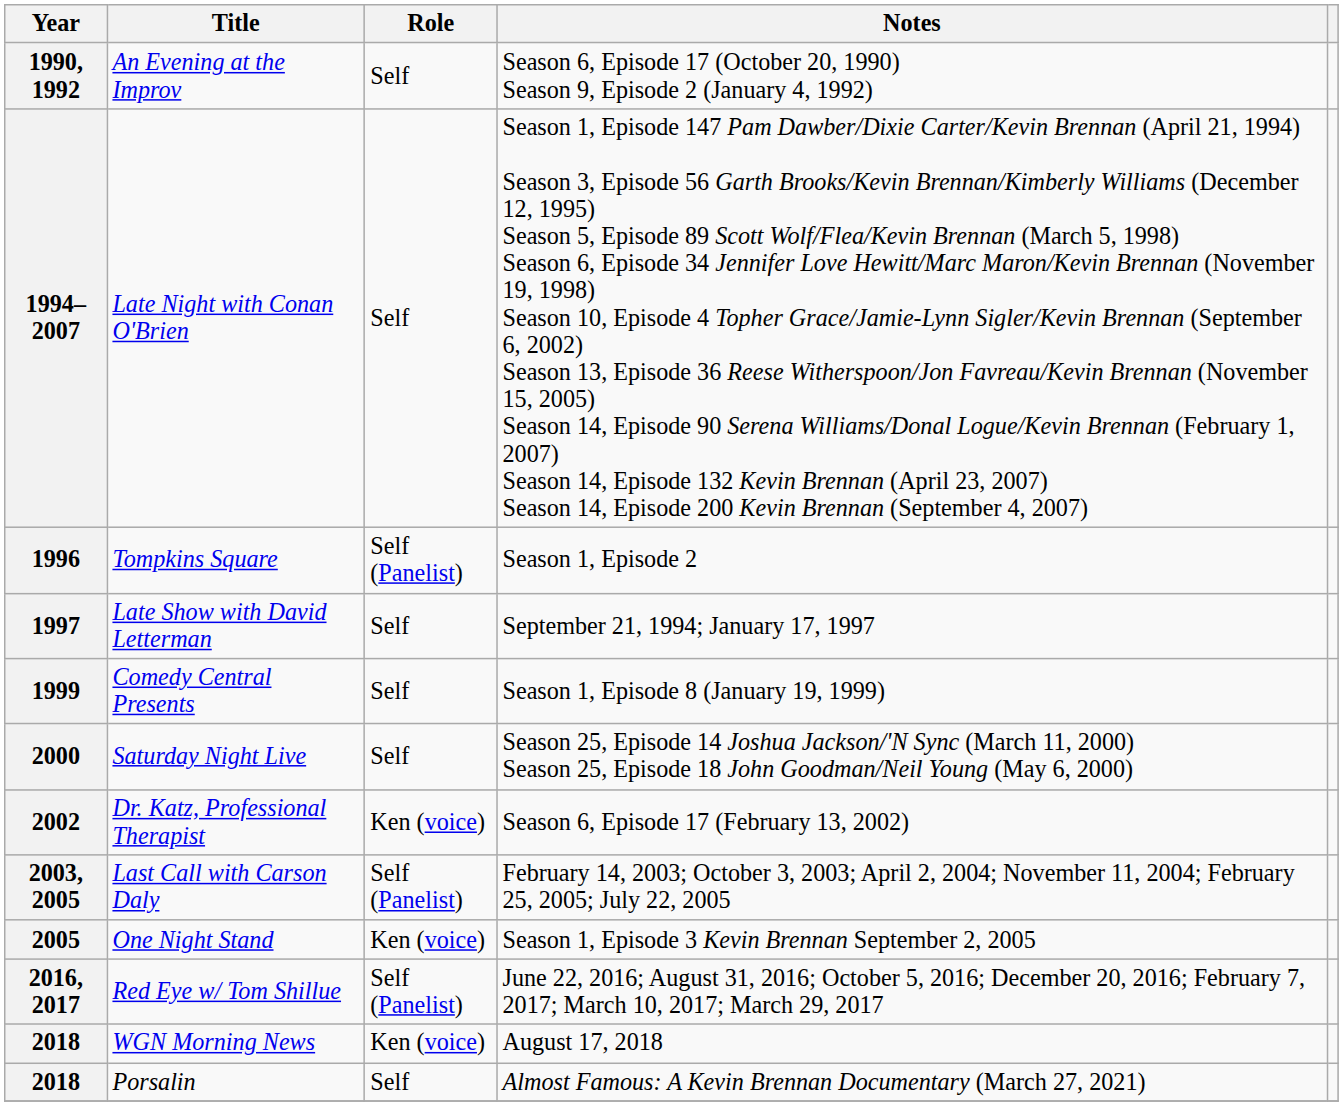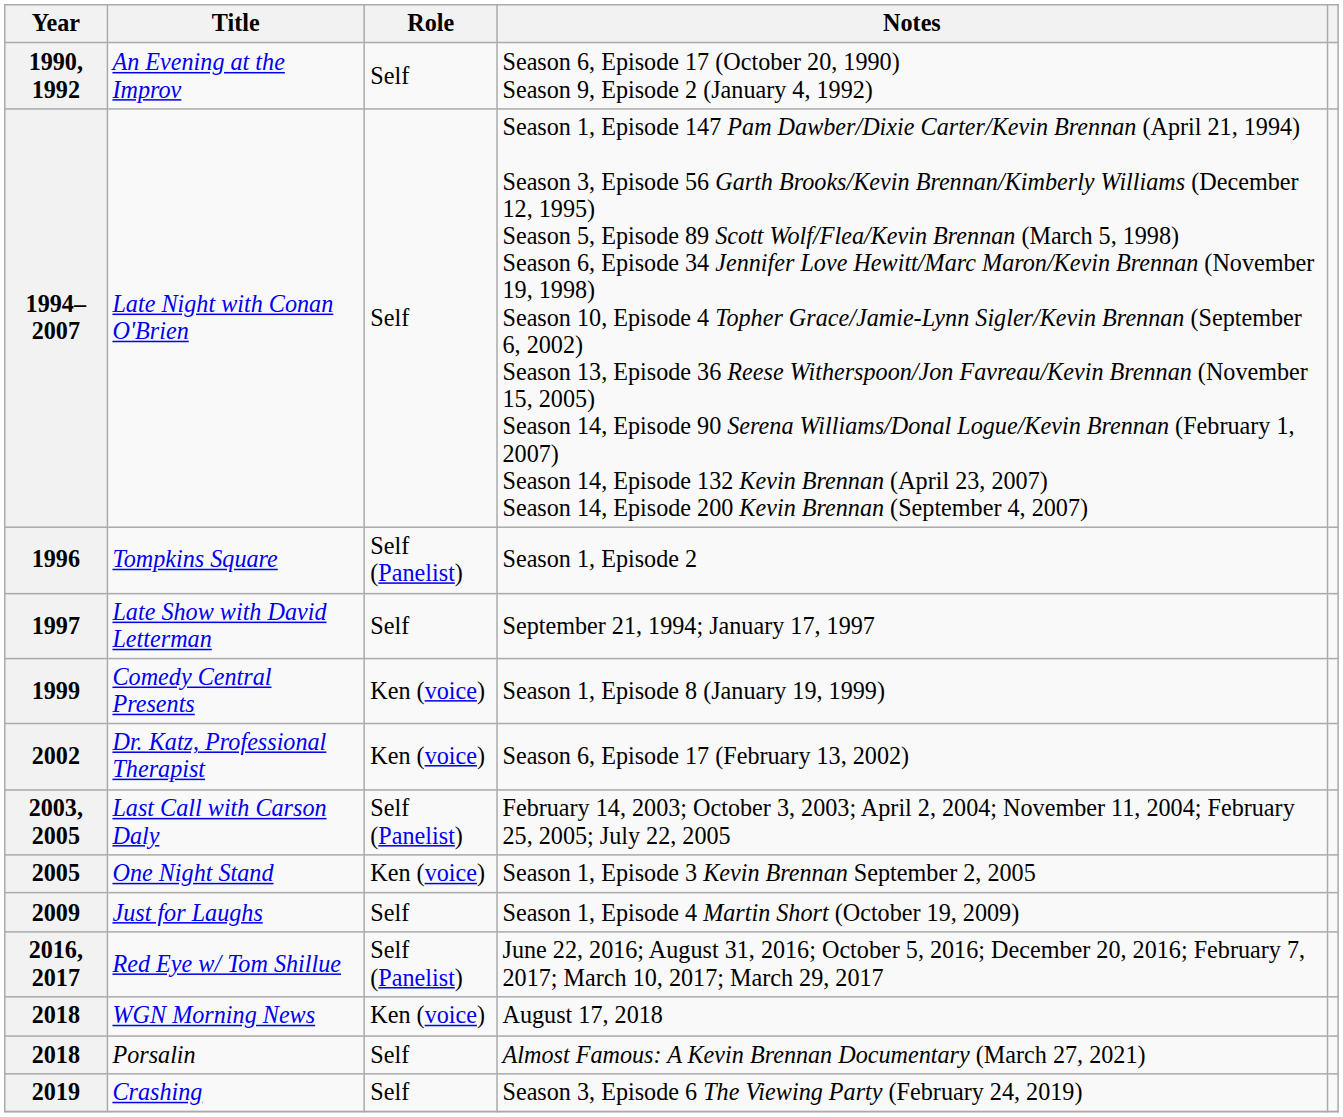 <table class="wikitable plainrowheaders sortable" style="margin-right: 0;">
 <tr>
 <th scope="col">Year</th>
 <th scope="col">Title</th>
 <th scope="col">Role</th>
 <th scope="col" class="unsortable">Notes</th>
 <th scope="col" class="unsortable"></th>
 </tr>
 <tr>
 <th scope="row">1990, 1992</th>
 <td><em><a href='#'>An Evening at the Improv</a></em></td>
 <td>Self</td>
 <td>Season 6, Episode 17 (October 20, 1990)<br>Season 9, Episode 2 (January 4, 1992)</td>
 <td></td>
 </tr>
 <tr>
 <th scope="row">1994–2007</th>
 <td><em><a href='#'>Late Night with Conan O'Brien</a></em></td>
 <td>Self</td>
 <td>Season 1, Episode 147 <em>Pam Dawber/Dixie Carter/Kevin Brennan</em> (April 21, 1994)<br><br>Season 3, Episode 56 <em>Garth Brooks/Kevin Brennan/Kimberly Williams</em> (December 12, 1995)<br> Season 5, Episode 89 <em>Scott Wolf/Flea/Kevin Brennan</em> (March 5, 1998)<br> Season 6, Episode 34 <em>Jennifer Love Hewitt/Marc Maron/Kevin Brennan</em> (November 19, 1998)<br> Season 10, Episode 4 <em>Topher Grace/Jamie-Lynn Sigler/Kevin Brennan</em> (September 6, 2002)<br> Season 13, Episode 36 <em>Reese Witherspoon/Jon Favreau/Kevin Brennan</em> (November 15, 2005)<br> Season 14, Episode 90 <em>Serena Williams/Donal Logue/Kevin Brennan</em> (February 1, 2007)<br> Season 14, Episode 132 <em>Kevin Brennan</em> (April 23, 2007)<br> Season 14, Episode 200 <em>Kevin Brennan</em> (September 4, 2007)</td>
 <td></td>
 </tr>
 <tr>
 <th scope="row">1996</th>
 <td><em><a href='#'>Tompkins Square</a></em></td>
 <td>Self (<a href='#'>Panelist</a>)</td>
 <td>Season 1, Episode 2</td>
 <td></td>
 </tr>
 <tr>
 <th scope="row">1997</th>
 <td><em><a href='#'>Late Show with David Letterman</a></em></td>
 <td>Self</td>
 <td>September 21, 1994; January 17, 1997</td>
 <td></td>
 </tr>
 <tr>
 <th scope="row">1999</th>
 <td><em><a href='#'>Comedy Central Presents</a></em></td>
-<td>Self</td>
+<td>Ken (<a href='#'>voice</a>)</td>
 <td>Season 1, Episode 8 (January 19, 1999)</td>
-<td></td>
-</tr>
-<tr>
-<th scope="row">2000</th>
-<td><em><a href='#'>Saturday Night Live</a></em></td>
-<td>Self</td>
-<td>Season 25, Episode 14 <em>Joshua Jackson/'N Sync</em> (March 11, 2000)<br>Season 25, Episode 18 <em>John Goodman/Neil Young</em> (May 6, 2000)</td>
 <td></td>
 </tr>
 <tr>
 <th scope="row">2002</th>
 <td><em><a href='#'>Dr. Katz, Professional Therapist</a></em></td>
 <td>Ken (<a href='#'>voice</a>)</td>
 <td>Season 6, Episode 17 (February 13, 2002)</td>
 <td></td>
 </tr>
 <tr>
 <th scope="row">2003, 2005</th>
 <td><em><a href='#'>Last Call with Carson Daly</a></em></td>
 <td>Self (<a href='#'>Panelist</a>)</td>
 <td>February 14, 2003; October 3, 2003; April 2, 2004; November 11, 2004; February 25, 2005; July 22, 2005</td>
 <td></td>
 </tr>
 <tr>
 <th scope="row">2005</th>
 <td><em><a href='#'>One Night Stand</a></em></td>
 <td>Ken (<a href='#'>voice</a>)</td>
 <td>Season 1, Episode 3 <em>Kevin Brennan</em> September 2, 2005</td>
 <td></td>
 </tr>
 <tr>
+<th scope="row">2009</th>
+<td><em><a href='#'>Just for Laughs</a></em></td>
+<td>Self</td>
+<td>Season 1, Episode 4 <em>Martin Short</em> (October 19, 2009)</td>
+<td></td>
+</tr>
+<tr>
 <th scope="row">2016, 2017</th>
 <td><em><a href='#'>Red Eye w/ Tom Shillue</a></em></td>
 <td>Self (<a href='#'>Panelist</a>)</td>
 <td>June 22, 2016; August 31, 2016; October 5, 2016; December 20, 2016; February 7, 2017; March 10, 2017; March 29, 2017</td>
 <td></td>
 </tr>
 <tr>
 <th scope="row">2018</th>
 <td><em><a href='#'>WGN Morning News</a></em></td>
 <td>Ken (<a href='#'>voice</a>)</td>
 <td>August 17, 2018</td>
 <td></td>
 </tr>
 <tr>
 <th scope="row">2018</th>
 <td><em>Porsalin</em></td>
 <td>Self</td>
 <td><em>Almost Famous: A Kevin Brennan Documentary</em> (March 27, 2021)</td>
 <td></td>
 </tr>
 <tr>
+<th scope="row">2019</th>
+<td><em><a href='#'>Crashing</a></em></td>
+<td>Self</td>
+<td>Season 3, Episode 6 <em>The Viewing Party</em> (February 24, 2019)</td>
+<td></td>
+</tr>
+<tr>
 </tr>
 </table>
